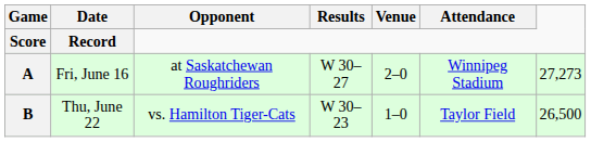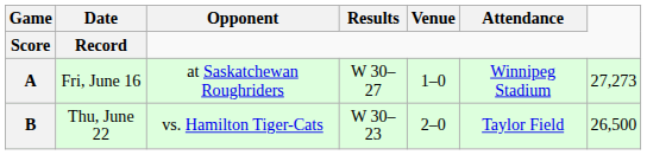 <table class="wikitable" style="text-align:center">
 <tr>
 <th>Game</th>
 <th>Date</th>
 <th>Opponent</th>
 <th>Results</th>
 <th>Venue</th>
 <th>Attendance</th>
 </tr>
 <tr>
 <th>Score</th>
 <th>Record</th>
 </tr>
 <tr style="background:#ddffdd">
 <th>A</th>
 <td>Fri, June 16</td>
 <td>at <a href='#'>Saskatchewan Roughriders</a></td>
 <td>W 30–27</td>
-<td>2–0</td>
+<td>1–0</td>
 <td><a href='#'>Winnipeg Stadium</a></td>
 <td>27,273</td>
 </tr>
 <tr style="background:#ddffdd">
 <th>B</th>
 <td>Thu, June 22</td>
 <td>vs. <a href='#'>Hamilton Tiger-Cats</a></td>
 <td>W 30–23</td>
-<td>1–0</td>
+<td>2–0</td>
 <td><a href='#'>Taylor Field</a></td>
 <td>26,500</td>
 </tr>
 </table>
